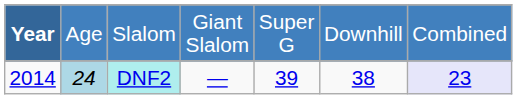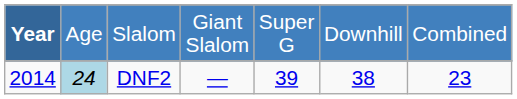 <table class="wikitable" style="font-size:95%; text-align:center; border:grey solid 1px; border-collapse:collapse;" width="40%">
 <tr style="background-color:#369; color:white;">
 <td rowspan="2" colspan="1" width="4%"><strong>Year</strong></td>
 </tr>
 <tr style="background-color:#4180be; color:white;">
 <td width="3%">Age</td>
 <td width="5%">Slalom</td>
 <td width="5%">Giant<br>Slalom</td>
 <td width="5%">Super G</td>
 <td width="5%">Downhill</td>
 <td width="5%">Combined</td>
 </tr>
 <tr style="background-color:#8CB2D8; color:white;">
 </tr>
 <tr>
 <td><a href='#'>2014</a></td>
 <td style="background: lightblue;"><em>24</em></td>
-<td style="background: paleturquoise;"><a href='#'>DNF2</a></td>
+<td><a href='#'>DNF2</a></td>
 <td><a href='#'>—</a></td>
 <td><a href='#'>39</a></td>
 <td><a href='#'>38</a></td>
-<td style="background: lavender;"><a href='#'>23</a></td>
+<td><a href='#'>23</a></td>
 </tr>
 </table>
